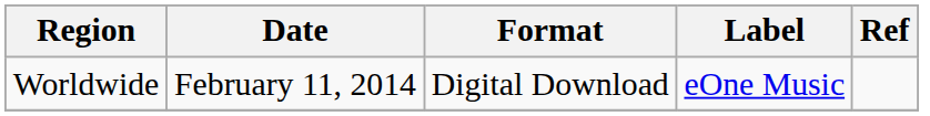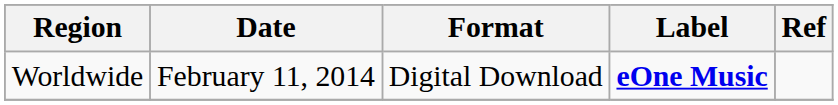 <table class="wikitable">
 <tr>
 <th>Region</th>
 <th>Date</th>
 <th>Format</th>
 <th>Label</th>
 <th>Ref</th>
 </tr>
 <tr>
 <td>Worldwide</td>
 <td>February 11, 2014</td>
 <td>Digital Download</td>
-<td><a href='#'>eOne Music</a></td>
+<td><strong><a href='#'>eOne Music</a></strong></td>
 <td></td>
 </tr>
 <tr>
 </tr>
 </table>
